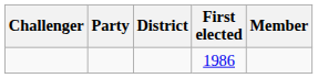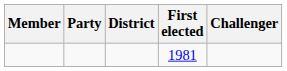 <table class="wikitable sortable" style=text-align:center>
 <tr>
-<th>Challenger</th>
+<th>Member</th>
 <th>Party</th>
 <th>District</th>
 <th>First<br>elected</th>
-<th>Member</th>
+<th>Challenger</th>
 </tr>
 <tr>
 <td></td>
 <td></td>
 <td></td>
-<td><a href='#'>1986</a></td>
+<td><a href='#'>1981</a></td>
 <td></td>
 </tr>
 </table>
